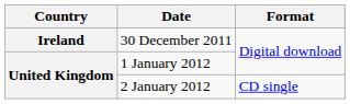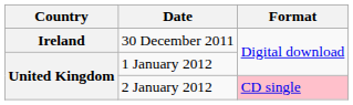 <table class="wikitable plainrowheaders">
 <tr>
 <th scope="col">Country</th>
 <th scope="col">Date</th>
 <th scope="col">Format</th>
 </tr>
 <tr>
 <th scope="row">Ireland</th>
 <td>30 December 2011</td>
 <td rowspan="2"><a href='#'>Digital download</a></td>
 </tr>
 <tr>
 <th scope="row" rowspan="2">United Kingdom</th>
 <td>1 January 2012</td>
 </tr>
 <tr>
 <td>2 January 2012</td>
-<td><a href='#'>CD single</a></td>
+<td style="background: pink;"><a href='#'>CD single</a></td>
 </tr>
 </table>
